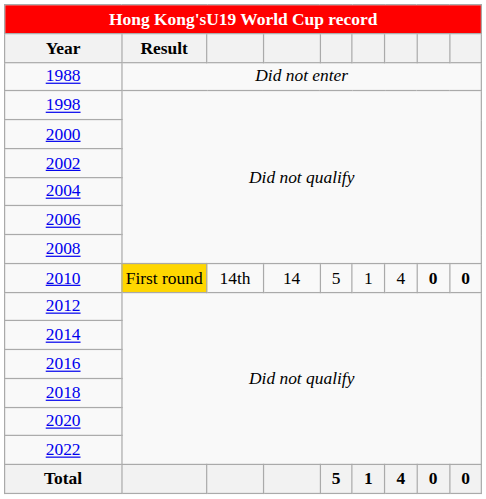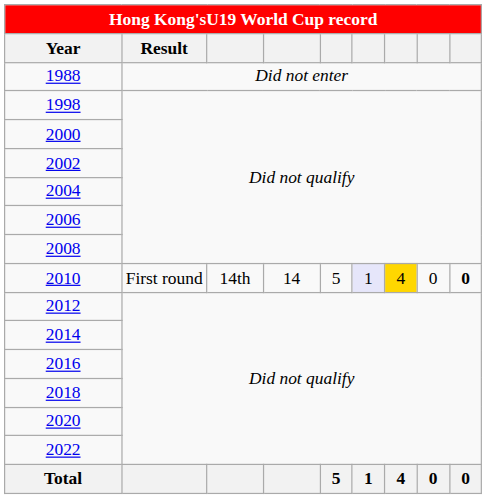 <table class="wikitable" style="font-size:90%; text-align:center;">
 <tr>
 <th style="color:white; background:red;" colspan=9>Hong Kong'sU19 World Cup record</th>
 </tr>
 <tr>
 <th width="90">Year</th>
 <th>Result</th>
 <th width="40"></th>
 <th width="40"></th>
 <th width="20"></th>
 <th width="20"></th>
 <th width="20"></th>
 <th width="20"></th>
 <th width="20"></th>
 </tr>
 <tr>
 <td> <a href='#'>1988</a></td>
 <td colspan=8><em>Did not enter</em></td>
 </tr>
 <tr>
 <td> <a href='#'>1998</a></td>
 <td colspan=8 rowspan=6><em>Did not qualify</em></td>
 </tr>
 <tr>
 <td> <a href='#'>2000</a></td>
 </tr>
 <tr>
 <td> <a href='#'>2002</a></td>
 </tr>
 <tr>
 <td> <a href='#'>2004</a></td>
 </tr>
 <tr>
 <td> <a href='#'>2006</a></td>
 </tr>
 <tr>
 <td> <a href='#'>2008</a></td>
 </tr>
 <tr>
 <td> <a href='#'>2010</a></td>
-<td style="background: gold;">First round</td>
+<td>First round</td>
 <td>14th</td>
 <td>14</td>
 <td>5</td>
-<td>1</td>
-<td>4</td>
-<td><strong>0</strong></td>
+<td style="background: lavender;">1</td>
+<td style="background: gold;">4</td>
+<td>0</td>
 <td><strong>0</strong></td>
 </tr>
 <tr>
 <td> <a href='#'>2012</a></td>
 <td colspan=8 rowspan=6><em>Did not qualify</em></td>
 </tr>
 <tr>
 <td> <a href='#'>2014</a></td>
 </tr>
 <tr>
 <td> <a href='#'>2016</a></td>
 </tr>
 <tr>
 <td> <a href='#'>2018</a></td>
 </tr>
 <tr>
 <td> <a href='#'>2020</a></td>
 </tr>
 <tr>
 <td> <a href='#'>2022</a></td>
 </tr>
 <tr>
 <th>Total</th>
 <th></th>
 <th></th>
 <th></th>
 <th>5</th>
 <th>1</th>
 <th>4</th>
 <th>0</th>
 <th>0</th>
 </tr>
 </table>
